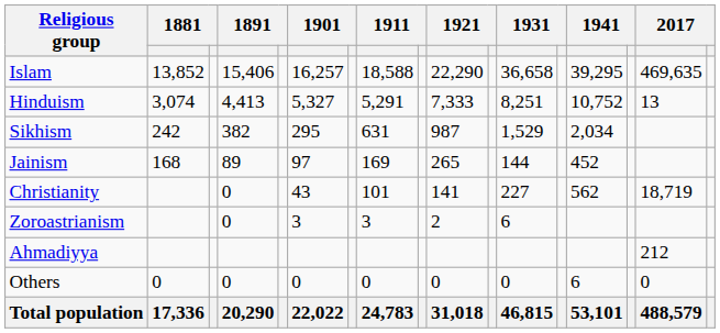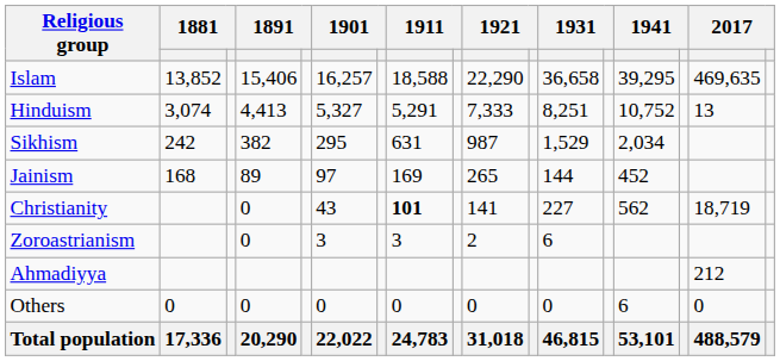 <table class="wikitable collapsible sortable">
 <tr>
 <th rowspan="2"><a href='#'>Religious</a><br>group</th>
 <th colspan="2">1881</th>
 <th colspan="2">1891</th>
 <th colspan="2">1901</th>
 <th colspan="2">1911</th>
 <th colspan="2">1921</th>
 <th colspan="2">1931</th>
 <th colspan="2">1941</th>
 <th colspan="2">2017</th>
 </tr>
 <tr>
 <th><a href='#'></a></th>
 <th></th>
 <th></th>
 <th></th>
 <th></th>
 <th></th>
 <th></th>
 <th></th>
 <th></th>
 <th></th>
 <th></th>
 <th></th>
 <th></th>
 <th></th>
 <th></th>
 <th></th>
 </tr>
 <tr>
 <td><a href='#'>Islam</a> </td>
 <td>13,852</td>
 <td></td>
 <td>15,406</td>
 <td></td>
 <td>16,257</td>
 <td></td>
 <td>18,588</td>
 <td></td>
 <td>22,290</td>
 <td></td>
 <td>36,658</td>
 <td></td>
 <td>39,295</td>
 <td></td>
 <td>469,635</td>
 <td></td>
 </tr>
 <tr>
 <td><a href='#'>Hinduism</a> </td>
 <td>3,074</td>
 <td></td>
 <td>4,413</td>
 <td></td>
 <td>5,327</td>
 <td></td>
 <td>5,291</td>
 <td></td>
 <td>7,333</td>
 <td></td>
 <td>8,251</td>
 <td></td>
 <td>10,752</td>
 <td></td>
 <td>13</td>
 <td></td>
 </tr>
 <tr>
 <td><a href='#'>Sikhism</a> </td>
 <td>242</td>
 <td></td>
 <td>382</td>
 <td></td>
 <td>295</td>
 <td></td>
 <td>631</td>
 <td></td>
 <td>987</td>
 <td></td>
 <td>1,529</td>
 <td></td>
 <td>2,034</td>
 <td></td>
 <td></td>
 <td></td>
 </tr>
 <tr>
 <td><a href='#'>Jainism</a> </td>
 <td>168</td>
 <td></td>
 <td>89</td>
 <td></td>
 <td>97</td>
 <td></td>
 <td>169</td>
 <td></td>
 <td>265</td>
 <td></td>
 <td>144</td>
 <td></td>
 <td>452</td>
 <td></td>
 <td></td>
 <td></td>
 </tr>
 <tr>
 <td><a href='#'>Christianity</a> </td>
 <td></td>
 <td></td>
 <td>0</td>
 <td></td>
 <td>43</td>
 <td></td>
-<td>101</td>
+<td><strong>101</strong></td>
 <td></td>
 <td>141</td>
 <td></td>
 <td>227</td>
 <td></td>
 <td>562</td>
 <td></td>
 <td>18,719</td>
 <td></td>
 </tr>
 <tr>
 <td><a href='#'>Zoroastrianism</a> </td>
 <td></td>
 <td></td>
 <td>0</td>
 <td></td>
 <td>3</td>
 <td></td>
 <td>3</td>
 <td></td>
 <td>2</td>
 <td></td>
 <td>6</td>
 <td></td>
 <td></td>
 <td></td>
 <td></td>
 <td></td>
 </tr>
 <tr>
 <td><a href='#'>Ahmadiyya</a> </td>
 <td></td>
 <td></td>
 <td></td>
 <td></td>
 <td></td>
 <td></td>
 <td></td>
 <td></td>
 <td></td>
 <td></td>
 <td></td>
 <td></td>
 <td></td>
 <td></td>
 <td>212</td>
 <td></td>
 </tr>
 <tr>
 <td>Others</td>
 <td>0</td>
 <td></td>
 <td>0</td>
 <td></td>
 <td>0</td>
 <td></td>
 <td>0</td>
 <td></td>
 <td>0</td>
 <td></td>
 <td>0</td>
 <td></td>
 <td>6</td>
 <td></td>
 <td>0</td>
 <td></td>
 </tr>
 <tr>
 <th>Total population</th>
 <th>17,336</th>
 <th></th>
 <th>20,290</th>
 <th></th>
 <th>22,022</th>
 <th></th>
 <th>24,783</th>
 <th></th>
 <th>31,018</th>
 <th></th>
 <th>46,815</th>
 <th></th>
 <th>53,101</th>
 <th></th>
 <th>488,579</th>
 <th></th>
 </tr>
 </table>
